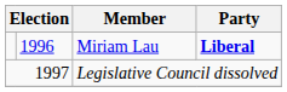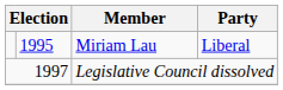 <table class="wikitable">
 <tr>
 <th colspan="2">Election</th>
 <th>Member</th>
 <th>Party</th>
 </tr>
 <tr>
 <td style="background-color: "></td>
-<td><a href='#'>1996</a></td>
+<td><a href='#'>1995</a></td>
 <td><a href='#'>Miriam Lau</a></td>
-<td><strong><a href='#'>Liberal</a></strong></td>
+<td><a href='#'>Liberal</a></td>
 </tr>
 <tr>
 <td colspan=2 align=right>1997</td>
 <td colspan=2><em>Legislative Council dissolved</em></td>
 </tr>
 <tr>
 </tr>
 </table>
